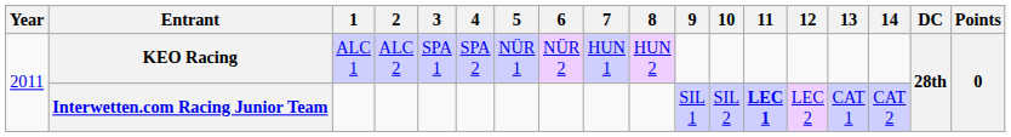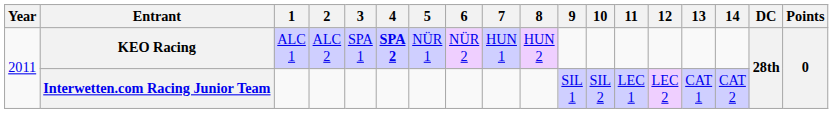 <table class="wikitable" style="text-align:center; font-size:85%">
 <tr>
 <th>Year</th>
 <th>Entrant</th>
 <th>1</th>
 <th>2</th>
 <th>3</th>
 <th>4</th>
 <th>5</th>
 <th>6</th>
 <th>7</th>
 <th>8</th>
 <th>9</th>
 <th>10</th>
 <th>11</th>
 <th>12</th>
 <th>13</th>
 <th>14</th>
 <th>DC</th>
 <th>Points</th>
 </tr>
 <tr>
 <td rowspan="2"><a href='#'>2011</a></td>
 <th nowrap>KEO Racing</th>
 <td style="background:#cfcfff;"><a href='#'>ALC<br>1</a><br></td>
 <td style="background:#cfcfff;"><a href='#'>ALC<br>2</a><br></td>
 <td style="background:#cfcfff;"><a href='#'>SPA<br>1</a><br></td>
-<td style="background:#cfcfff;"><a href='#'>SPA<br>2</a><br></td>
+<td style="background:#cfcfff;"><strong><a href='#'>SPA<br>2</a><br></strong></td>
 <td style="background:#cfcfff;"><a href='#'>NÜR<br>1</a><br></td>
 <td style="background:#efcfff;"><a href='#'>NÜR<br>2</a><br></td>
 <td style="background:#cfcfff;"><a href='#'>HUN<br>1</a><br></td>
 <td style="background:#efcfff;"><a href='#'>HUN<br>2</a><br></td>
 <td></td>
 <td></td>
 <td></td>
 <td></td>
 <td></td>
 <td></td>
 <th rowspan="2">28th</th>
 <th rowspan="2">0</th>
 </tr>
 <tr>
 <th nowrap><a href='#'>Interwetten.com Racing Junior Team</a></th>
 <td></td>
 <td></td>
 <td></td>
 <td></td>
 <td></td>
 <td></td>
 <td></td>
 <td></td>
 <td style="background:#cfcfff;"><a href='#'>SIL<br>1</a><br></td>
 <td style="background:#cfcfff;"><a href='#'>SIL<br>2</a><br></td>
-<td style="background:#cfcfff;"><strong><a href='#'>LEC<br>1</a><br></strong></td>
+<td style="background:#cfcfff;"><a href='#'>LEC<br>1</a><br></td>
 <td style="background:#efcfff;"><a href='#'>LEC<br>2</a><br></td>
 <td style="background:#cfcfff;"><a href='#'>CAT<br>1</a><br></td>
 <td style="background:#cfcfff;"><a href='#'>CAT<br>2</a><br></td>
 </tr>
 </table>
